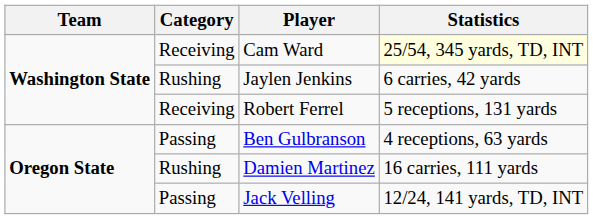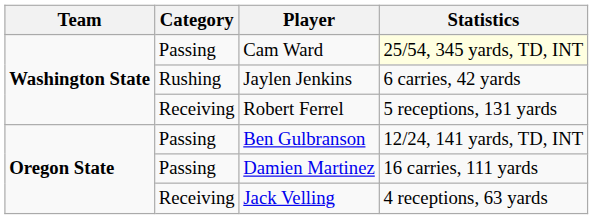 <table class="wikitable" style="float: right;">
 <tr>
 <th>Team</th>
 <th>Category</th>
 <th>Player</th>
 <th>Statistics</th>
 </tr>
 <tr>
 <td rowspan=3><strong>Washington State</strong></td>
-<td>Receiving</td>
+<td>Passing</td>
 <td>Cam Ward</td>
 <td style="background: lightyellow;">25/54, 345 yards, TD, INT</td>
 </tr>
 <tr>
 <td>Rushing</td>
 <td>Jaylen Jenkins</td>
 <td>6 carries, 42 yards</td>
 </tr>
 <tr>
 <td>Receiving</td>
 <td>Robert Ferrel</td>
 <td>5 receptions, 131 yards</td>
 </tr>
 <tr>
 <td rowspan=3><strong>Oregon State</strong></td>
 <td>Passing</td>
 <td><a href='#'>Ben Gulbranson</a></td>
-<td>4 receptions, 63 yards</td>
+<td>12/24, 141 yards, TD, INT</td>
 </tr>
 <tr>
-<td>Rushing</td>
+<td>Passing</td>
 <td><a href='#'>Damien Martinez</a></td>
 <td>16 carries, 111 yards</td>
 </tr>
 <tr>
-<td>Passing</td>
+<td>Receiving</td>
 <td><a href='#'>Jack Velling</a></td>
-<td>12/24, 141 yards, TD, INT</td>
+<td>4 receptions, 63 yards</td>
 </tr>
 </table>
